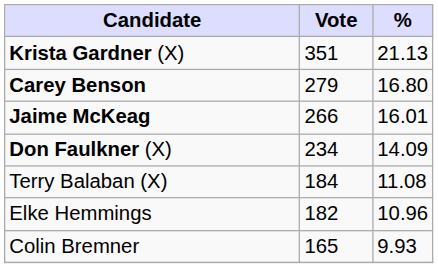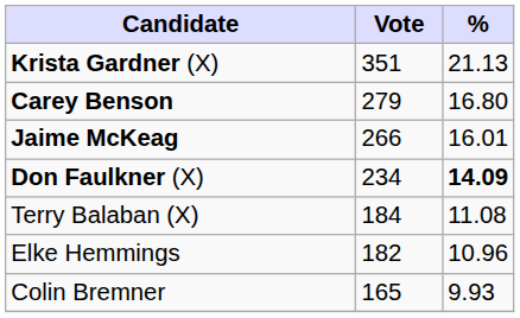 <table class="wikitable">
 <tr>
 <th style="background:#ddf; width:225px;">Candidate</th>
 <th style="background:#ddf; width:50px;">Vote</th>
 <th style="background:#ddf; width:30px;">%</th>
 </tr>
 <tr>
 <td><strong>Krista Gardner</strong> (X)</td>
 <td>351</td>
 <td>21.13</td>
 </tr>
 <tr>
 <td><strong>Carey Benson</strong></td>
 <td>279</td>
 <td>16.80</td>
 </tr>
 <tr>
 <td><strong>Jaime McKeag</strong></td>
 <td>266</td>
 <td>16.01</td>
 </tr>
 <tr>
 <td><strong>Don Faulkner</strong> (X)</td>
 <td>234</td>
-<td>14.09</td>
+<td><strong>14.09</strong></td>
 </tr>
 <tr>
 <td>Terry Balaban (X)</td>
 <td>184</td>
 <td>11.08</td>
 </tr>
 <tr>
 <td>Elke Hemmings</td>
 <td>182</td>
 <td>10.96</td>
 </tr>
 <tr>
 <td>Colin Bremner</td>
 <td>165</td>
 <td>9.93</td>
 </tr>
 <tr>
 </tr>
 </table>
